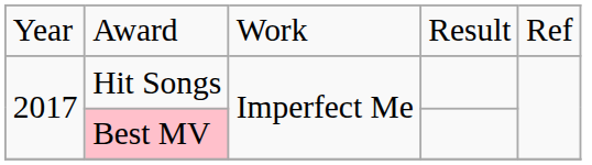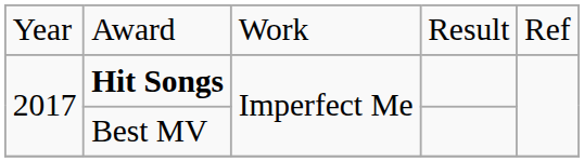 <table class="wikitable">
 <tr>
 <td>Year</td>
 <td>Award</td>
 <td>Work</td>
 <td>Result</td>
 <td>Ref</td>
 </tr>
 <tr>
 <td rowspan="2">2017</td>
-<td>Hit Songs</td>
+<td><strong>Hit Songs</strong></td>
 <td rowspan="2">Imperfect Me</td>
 <td></td>
 <td rowspan="2"></td>
 </tr>
 <tr>
-<td style="background: pink;">Best MV</td>
+<td>Best MV</td>
 <td></td>
 </tr>
 <tr>
 </tr>
 </table>
